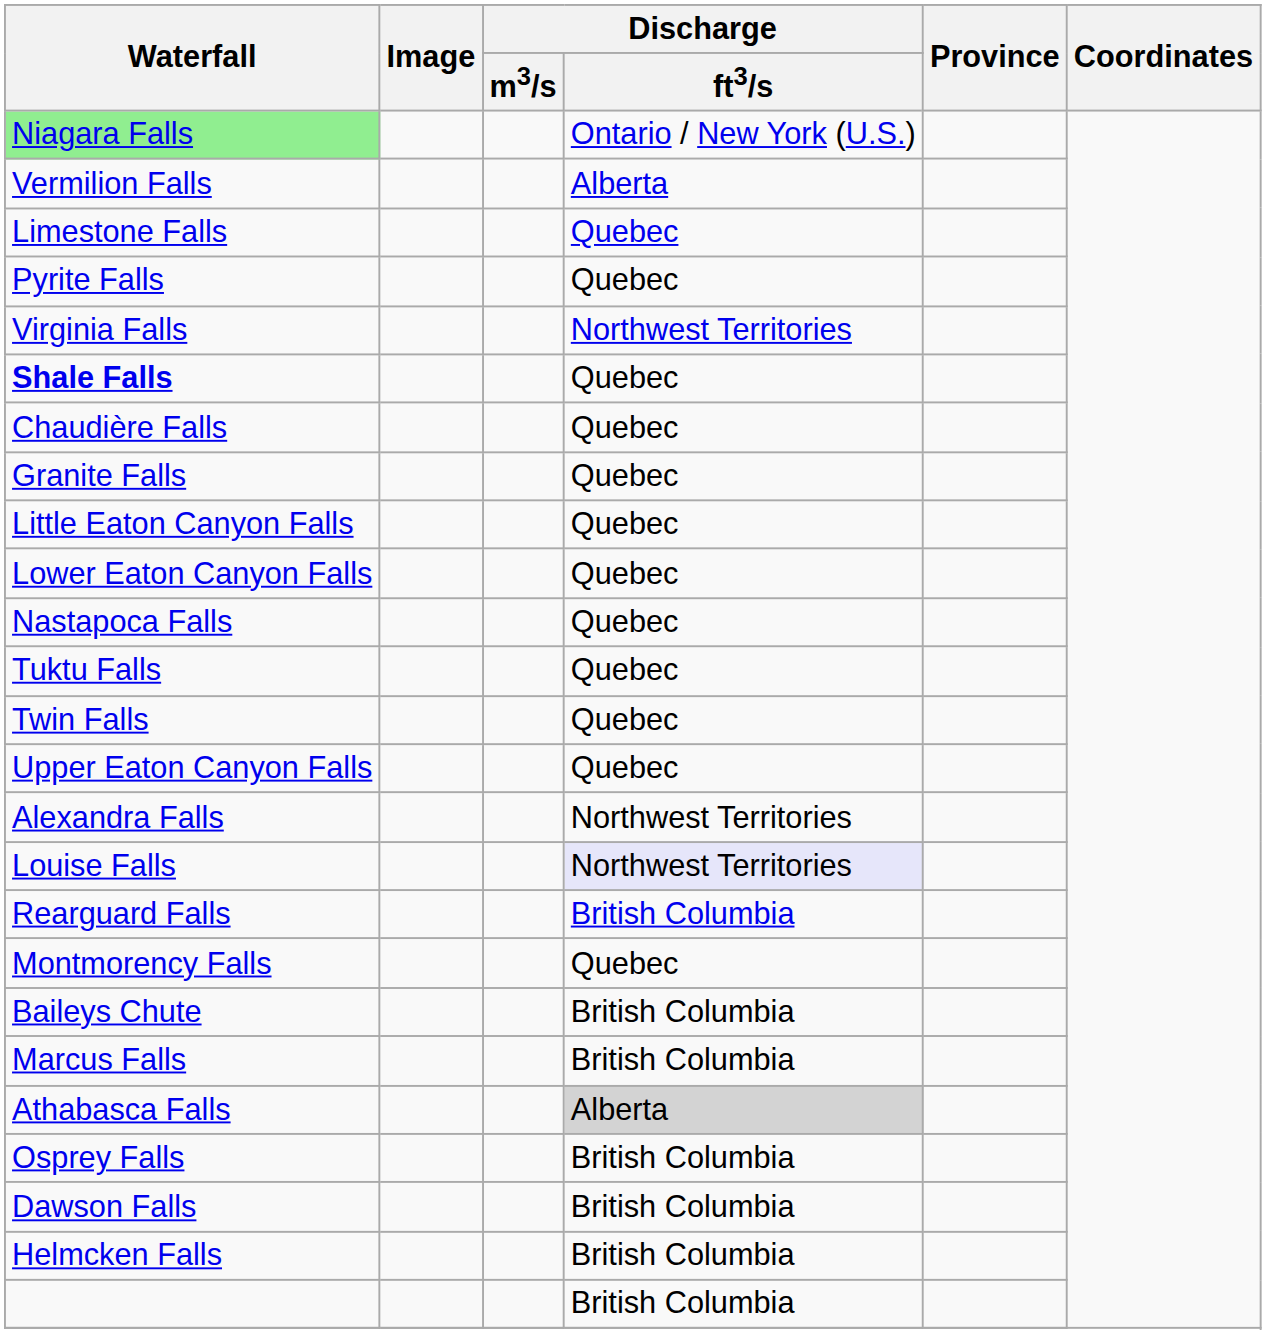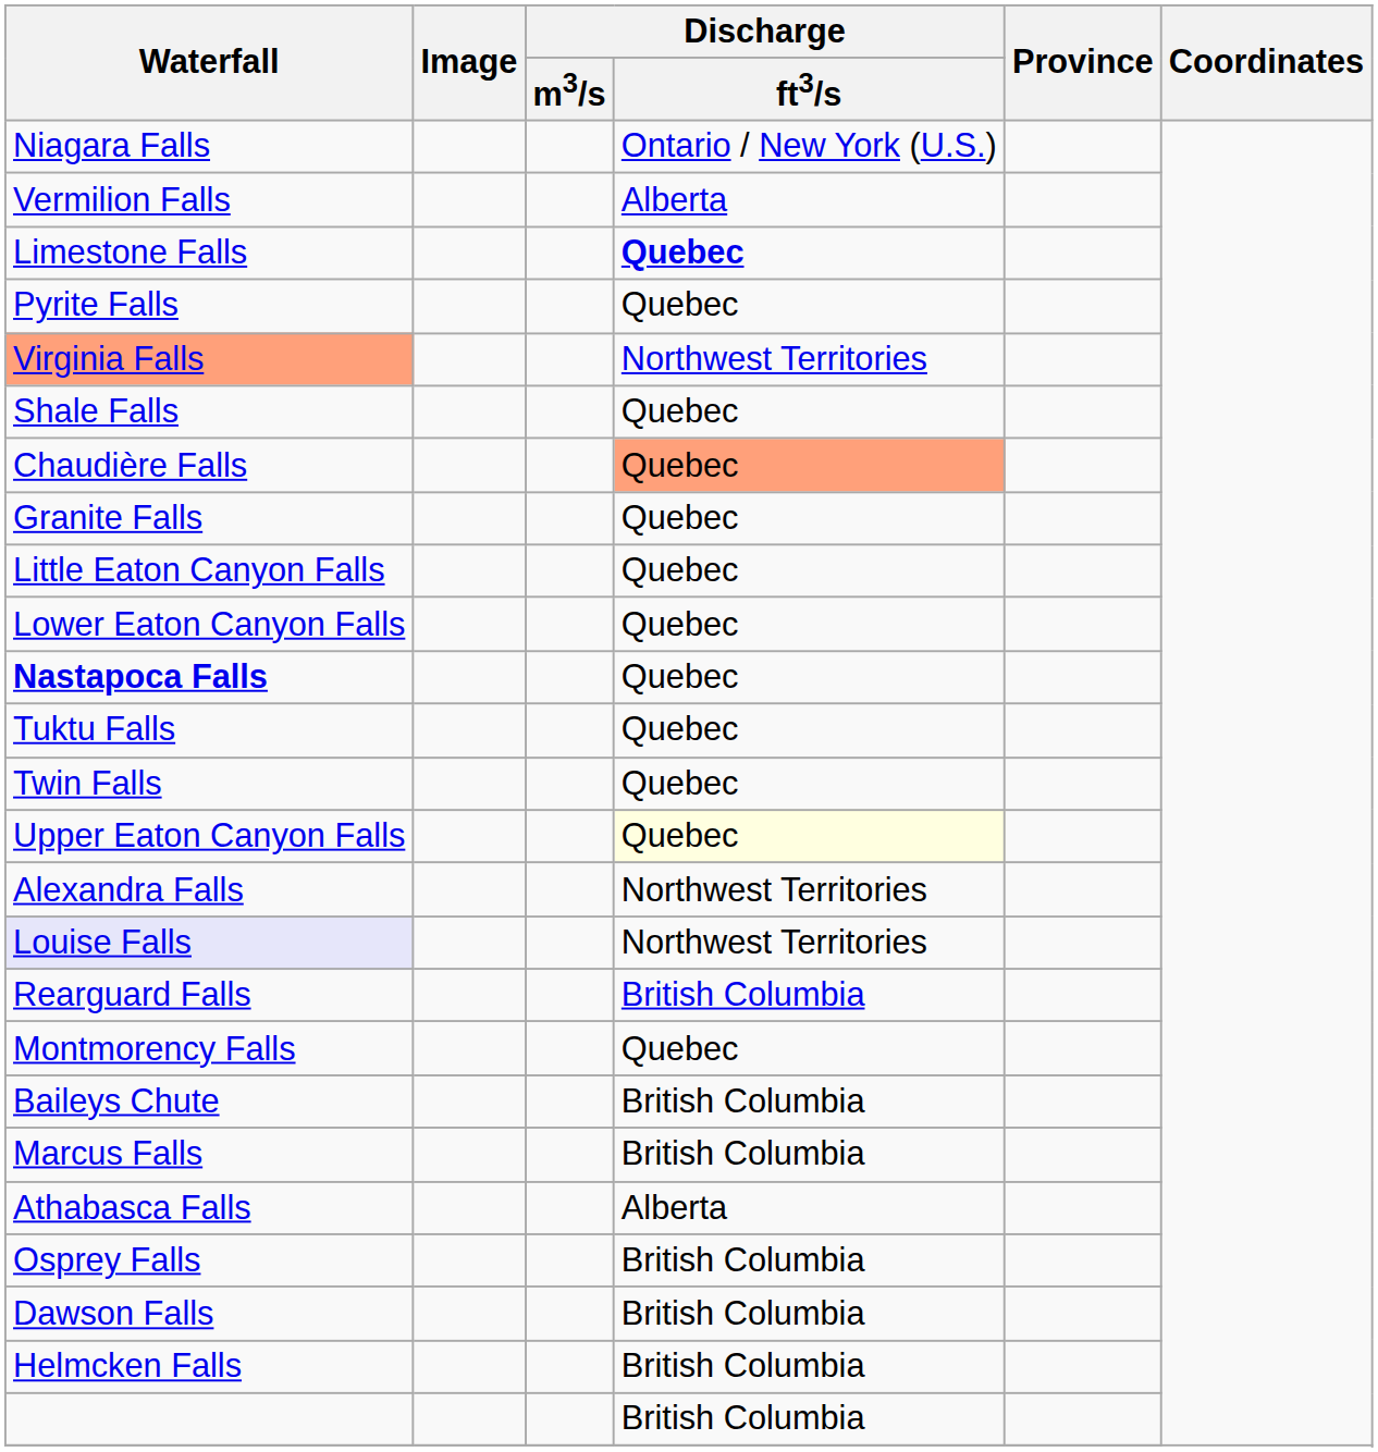 <table class="wikitable sortable">
 <tr>
 <th rowspan=2>Waterfall</th>
 <th rowspan=2 class="unsortable">Image</th>
 <th colspan=2>Discharge</th>
 <th rowspan=2>Province</th>
 <th rowspan=2>Coordinates</th>
 </tr>
 <tr>
 <th>m<sup>3</sup>/s</th>
 <th>ft<sup>3</sup>/s</th>
 </tr>
 <tr>
-<td style="background: lightgreen;"><a href='#'>Niagara Falls</a></td>
+<td><a href='#'>Niagara Falls</a></td>
 <td></td>
 <td></td>
 <td><a href='#'>Ontario</a> / <a href='#'>New York</a> (<a href='#'>U.S.</a>)</td>
 <td></td>
 </tr>
 <tr>
 <td><a href='#'>Vermilion Falls</a></td>
 <td></td>
 <td></td>
 <td><a href='#'>Alberta</a></td>
 <td></td>
 </tr>
 <tr>
 <td><a href='#'>Limestone Falls</a></td>
 <td></td>
 <td></td>
-<td><a href='#'>Quebec</a></td>
+<td><strong><a href='#'>Quebec</a></strong></td>
 <td></td>
 </tr>
 <tr>
 <td><a href='#'>Pyrite Falls</a></td>
 <td></td>
 <td></td>
 <td>Quebec</td>
 <td></td>
 </tr>
 <tr>
-<td><a href='#'>Virginia Falls</a></td>
+<td style="background: lightsalmon;"><a href='#'>Virginia Falls</a></td>
 <td></td>
 <td></td>
 <td><a href='#'>Northwest Territories</a></td>
 <td></td>
 </tr>
 <tr>
-<td><strong><a href='#'>Shale Falls</a></strong></td>
+<td><a href='#'>Shale Falls</a></td>
 <td></td>
 <td></td>
 <td>Quebec</td>
 <td></td>
 </tr>
 <tr>
 <td><a href='#'>Chaudière Falls</a></td>
 <td></td>
 <td></td>
-<td>Quebec</td>
+<td style="background: lightsalmon;">Quebec</td>
 <td></td>
 </tr>
 <tr>
 <td><a href='#'>Granite Falls</a></td>
 <td></td>
 <td></td>
 <td>Quebec</td>
 <td></td>
 </tr>
 <tr>
 <td><a href='#'>Little Eaton Canyon Falls</a></td>
 <td></td>
 <td></td>
 <td>Quebec</td>
 <td></td>
 </tr>
 <tr>
 <td><a href='#'>Lower Eaton Canyon Falls</a></td>
 <td></td>
 <td></td>
 <td>Quebec</td>
 <td></td>
 </tr>
 <tr>
-<td><a href='#'>Nastapoca Falls</a></td>
+<td><strong><a href='#'>Nastapoca Falls</a></strong></td>
 <td></td>
 <td></td>
 <td>Quebec</td>
 <td></td>
 </tr>
 <tr>
 <td><a href='#'>Tuktu Falls</a></td>
 <td></td>
 <td></td>
 <td>Quebec</td>
 <td></td>
 </tr>
 <tr>
 <td><a href='#'>Twin Falls</a></td>
 <td></td>
 <td></td>
 <td>Quebec</td>
 <td></td>
 </tr>
 <tr>
 <td><a href='#'>Upper Eaton Canyon Falls</a></td>
 <td></td>
 <td></td>
-<td>Quebec</td>
+<td style="background: lightyellow;">Quebec</td>
 <td></td>
 </tr>
 <tr>
 <td><a href='#'>Alexandra Falls</a></td>
 <td></td>
 <td></td>
 <td>Northwest Territories</td>
 <td></td>
 </tr>
 <tr>
-<td><a href='#'>Louise Falls</a></td>
+<td style="background: lavender;"><a href='#'>Louise Falls</a></td>
 <td></td>
 <td></td>
-<td style="background: lavender;">Northwest Territories</td>
+<td>Northwest Territories</td>
 <td></td>
 </tr>
 <tr>
 <td><a href='#'>Rearguard Falls</a></td>
 <td></td>
 <td></td>
 <td><a href='#'>British Columbia</a></td>
 <td></td>
 </tr>
 <tr>
 <td><a href='#'>Montmorency Falls</a></td>
 <td></td>
 <td></td>
 <td>Quebec</td>
 <td></td>
 </tr>
 <tr>
 <td><a href='#'>Baileys Chute</a></td>
 <td></td>
 <td></td>
 <td>British Columbia</td>
 <td></td>
 </tr>
 <tr>
 <td><a href='#'>Marcus Falls</a></td>
 <td></td>
 <td></td>
 <td>British Columbia</td>
 <td></td>
 </tr>
 <tr>
 <td><a href='#'>Athabasca Falls</a></td>
 <td></td>
 <td></td>
-<td style="background: lightgrey;">Alberta</td>
+<td>Alberta</td>
 <td></td>
 </tr>
 <tr>
 <td><a href='#'>Osprey Falls</a></td>
 <td></td>
 <td></td>
 <td>British Columbia</td>
 <td></td>
 </tr>
 <tr>
 <td><a href='#'>Dawson Falls</a></td>
 <td></td>
 <td></td>
 <td>British Columbia</td>
 <td></td>
 </tr>
 <tr>
 <td><a href='#'>Helmcken Falls</a></td>
 <td></td>
 <td></td>
 <td>British Columbia</td>
 <td></td>
 </tr>
 <tr>
 <td></td>
 <td></td>
 <td></td>
 <td>British Columbia</td>
 <td></td>
 </tr>
 <tr>
 </tr>
 </table>
